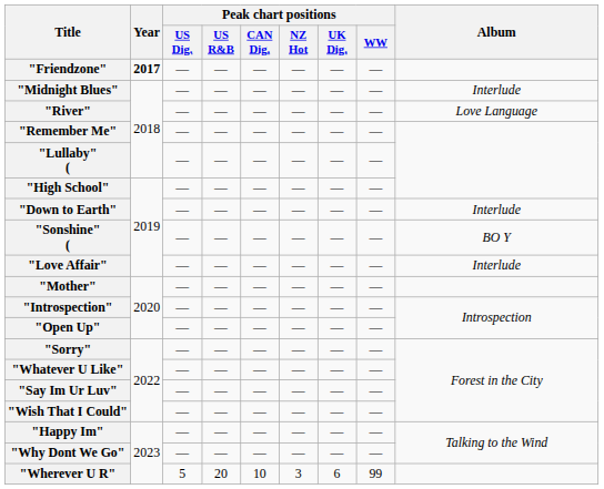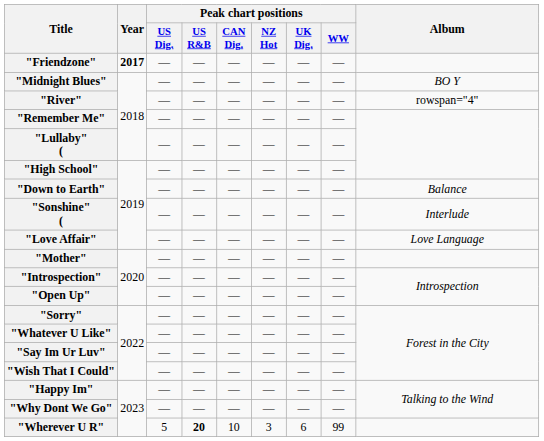 <table class="wikitable plainrowheaders" style="text-align: center;">
 <tr>
 <th scope="col" rowspan="2">Title</th>
 <th scope="col" rowspan="2">Year</th>
 <th scope="col" colspan="6">Peak chart positions</th>
 <th scope="col" rowspan="2" style="width:15em;">Album</th>
 </tr>
 <tr>
 <th scope="col" style="width:2.8em;font-size:90%;"><a href='#'>US<br>Dig.</a><br></th>
 <th scope="col" style="width:2.8em;font-size:90%;"><a href='#'>US<br>R&B</a><br></th>
 <th scope="col" style="width:2.8em;font-size:90%;"><a href='#'>CAN<br>Dig.</a><br></th>
 <th scope="col" style="width:2.8em;font-size:90%;"><a href='#'>NZ<br>Hot</a><br></th>
 <th scope="col" style="width:2.8em;font-size:90%;"><a href='#'>UK<br>Dig.</a><br></th>
 <th scope="col" style="width:2.8em;font-size:90%;"><a href='#'>WW</a><br></th>
 </tr>
 <tr>
 <th scope="row">"Friendzone"</th>
 <td><strong>2017</strong></td>
 <td>—</td>
 <td>—</td>
 <td>—</td>
 <td>—</td>
 <td>—</td>
 <td>—</td>
 <td></td>
 </tr>
 <tr>
 <th scope="row">"Midnight Blues"</th>
 <td rowspan="4">2018</td>
 <td>—</td>
 <td>—</td>
 <td>—</td>
 <td>—</td>
 <td>—</td>
 <td>—</td>
-<td><em>Interlude</em></td>
+<td><em>BO Y</em></td>
 </tr>
 <tr>
 <th scope="row">"River"</th>
 <td>—</td>
 <td>—</td>
 <td>—</td>
 <td>—</td>
 <td>—</td>
 <td>—</td>
-<td><em>Love Language</em></td>
+<td>rowspan="4" </td>
 </tr>
 <tr>
 <th scope="row">"Remember Me"</th>
 <td>—</td>
 <td>—</td>
 <td>—</td>
 <td>—</td>
 <td>—</td>
 <td>—</td>
 </tr>
 <tr>
 <th scope="row">"Lullaby"<br>(</th>
 <td>—</td>
 <td>—</td>
 <td>—</td>
 <td>—</td>
 <td>—</td>
 <td>—</td>
 </tr>
 <tr>
 <th scope="row">"High School"</th>
 <td rowspan="4">2019</td>
 <td>—</td>
 <td>—</td>
 <td>—</td>
 <td>—</td>
 <td>—</td>
 <td>—</td>
 </tr>
 <tr>
 <th scope="row">"Down to Earth"</th>
 <td>—</td>
 <td>—</td>
 <td>—</td>
 <td>—</td>
 <td>—</td>
 <td>—</td>
-<td><em>Interlude</em></td>
+<td><em>Balance</em></td>
 </tr>
 <tr>
 <th scope="row">"Sonshine"<br>(</th>
 <td>—</td>
 <td>—</td>
 <td>—</td>
 <td>—</td>
 <td>—</td>
 <td>—</td>
-<td><em>BO Y</em></td>
+<td><em>Interlude</em></td>
 </tr>
 <tr>
 <th scope="row">"Love Affair"</th>
 <td>—</td>
 <td>—</td>
 <td>—</td>
 <td>—</td>
 <td>—</td>
 <td>—</td>
-<td><em>Interlude</em></td>
+<td><em>Love Language</em></td>
 </tr>
 <tr>
 <th scope="row">"Mother"</th>
 <td rowspan="3">2020</td>
 <td>—</td>
 <td>—</td>
 <td>—</td>
 <td>—</td>
 <td>—</td>
 <td>—</td>
 <td></td>
 </tr>
 <tr>
 <th scope="row">"Introspection"</th>
 <td>—</td>
 <td>—</td>
 <td>—</td>
 <td>—</td>
 <td>—</td>
 <td>—</td>
 <td rowspan="2"><em>Introspection</em></td>
 </tr>
 <tr>
 <th scope="row">"Open Up"</th>
 <td>—</td>
 <td>—</td>
 <td>—</td>
 <td>—</td>
 <td>—</td>
 <td>—</td>
 </tr>
 <tr>
 <th scope="row">"Sorry"</th>
 <td rowspan="4">2022</td>
 <td>—</td>
 <td>—</td>
 <td>—</td>
 <td>—</td>
 <td>—</td>
 <td>—</td>
 <td rowspan="4"><em>Forest in the City</em></td>
 </tr>
 <tr>
 <th scope="row">"Whatever U Like"</th>
 <td>—</td>
 <td>—</td>
 <td>—</td>
 <td>—</td>
 <td>—</td>
 <td>—</td>
 </tr>
 <tr>
 <th scope="row">"Say Im Ur Luv"</th>
 <td>—</td>
 <td>—</td>
 <td>—</td>
 <td>—</td>
 <td>—</td>
 <td>—</td>
 </tr>
 <tr>
 <th scope="row">"Wish That I Could"</th>
 <td>—</td>
 <td>—</td>
 <td>—</td>
 <td>—</td>
 <td>—</td>
 <td>—</td>
 </tr>
 <tr>
 <th scope="row">"Happy Im"</th>
 <td rowspan="3">2023</td>
 <td>—</td>
 <td>—</td>
 <td>—</td>
 <td>—</td>
 <td>—</td>
 <td>—</td>
 <td rowspan="2"><em>Talking to the Wind</em></td>
 </tr>
 <tr>
 <th scope="row">"Why Dont We Go"</th>
 <td>—</td>
 <td>—</td>
 <td>—</td>
 <td>—</td>
 <td>—</td>
 <td>—</td>
 </tr>
 <tr>
 <th scope="row">"Wherever U R"<br></th>
 <td>5</td>
-<td>20</td>
+<td><strong>20</strong></td>
 <td>10</td>
 <td>3</td>
 <td>6</td>
 <td>99</td>
 <td></td>
 </tr>
 </table>
